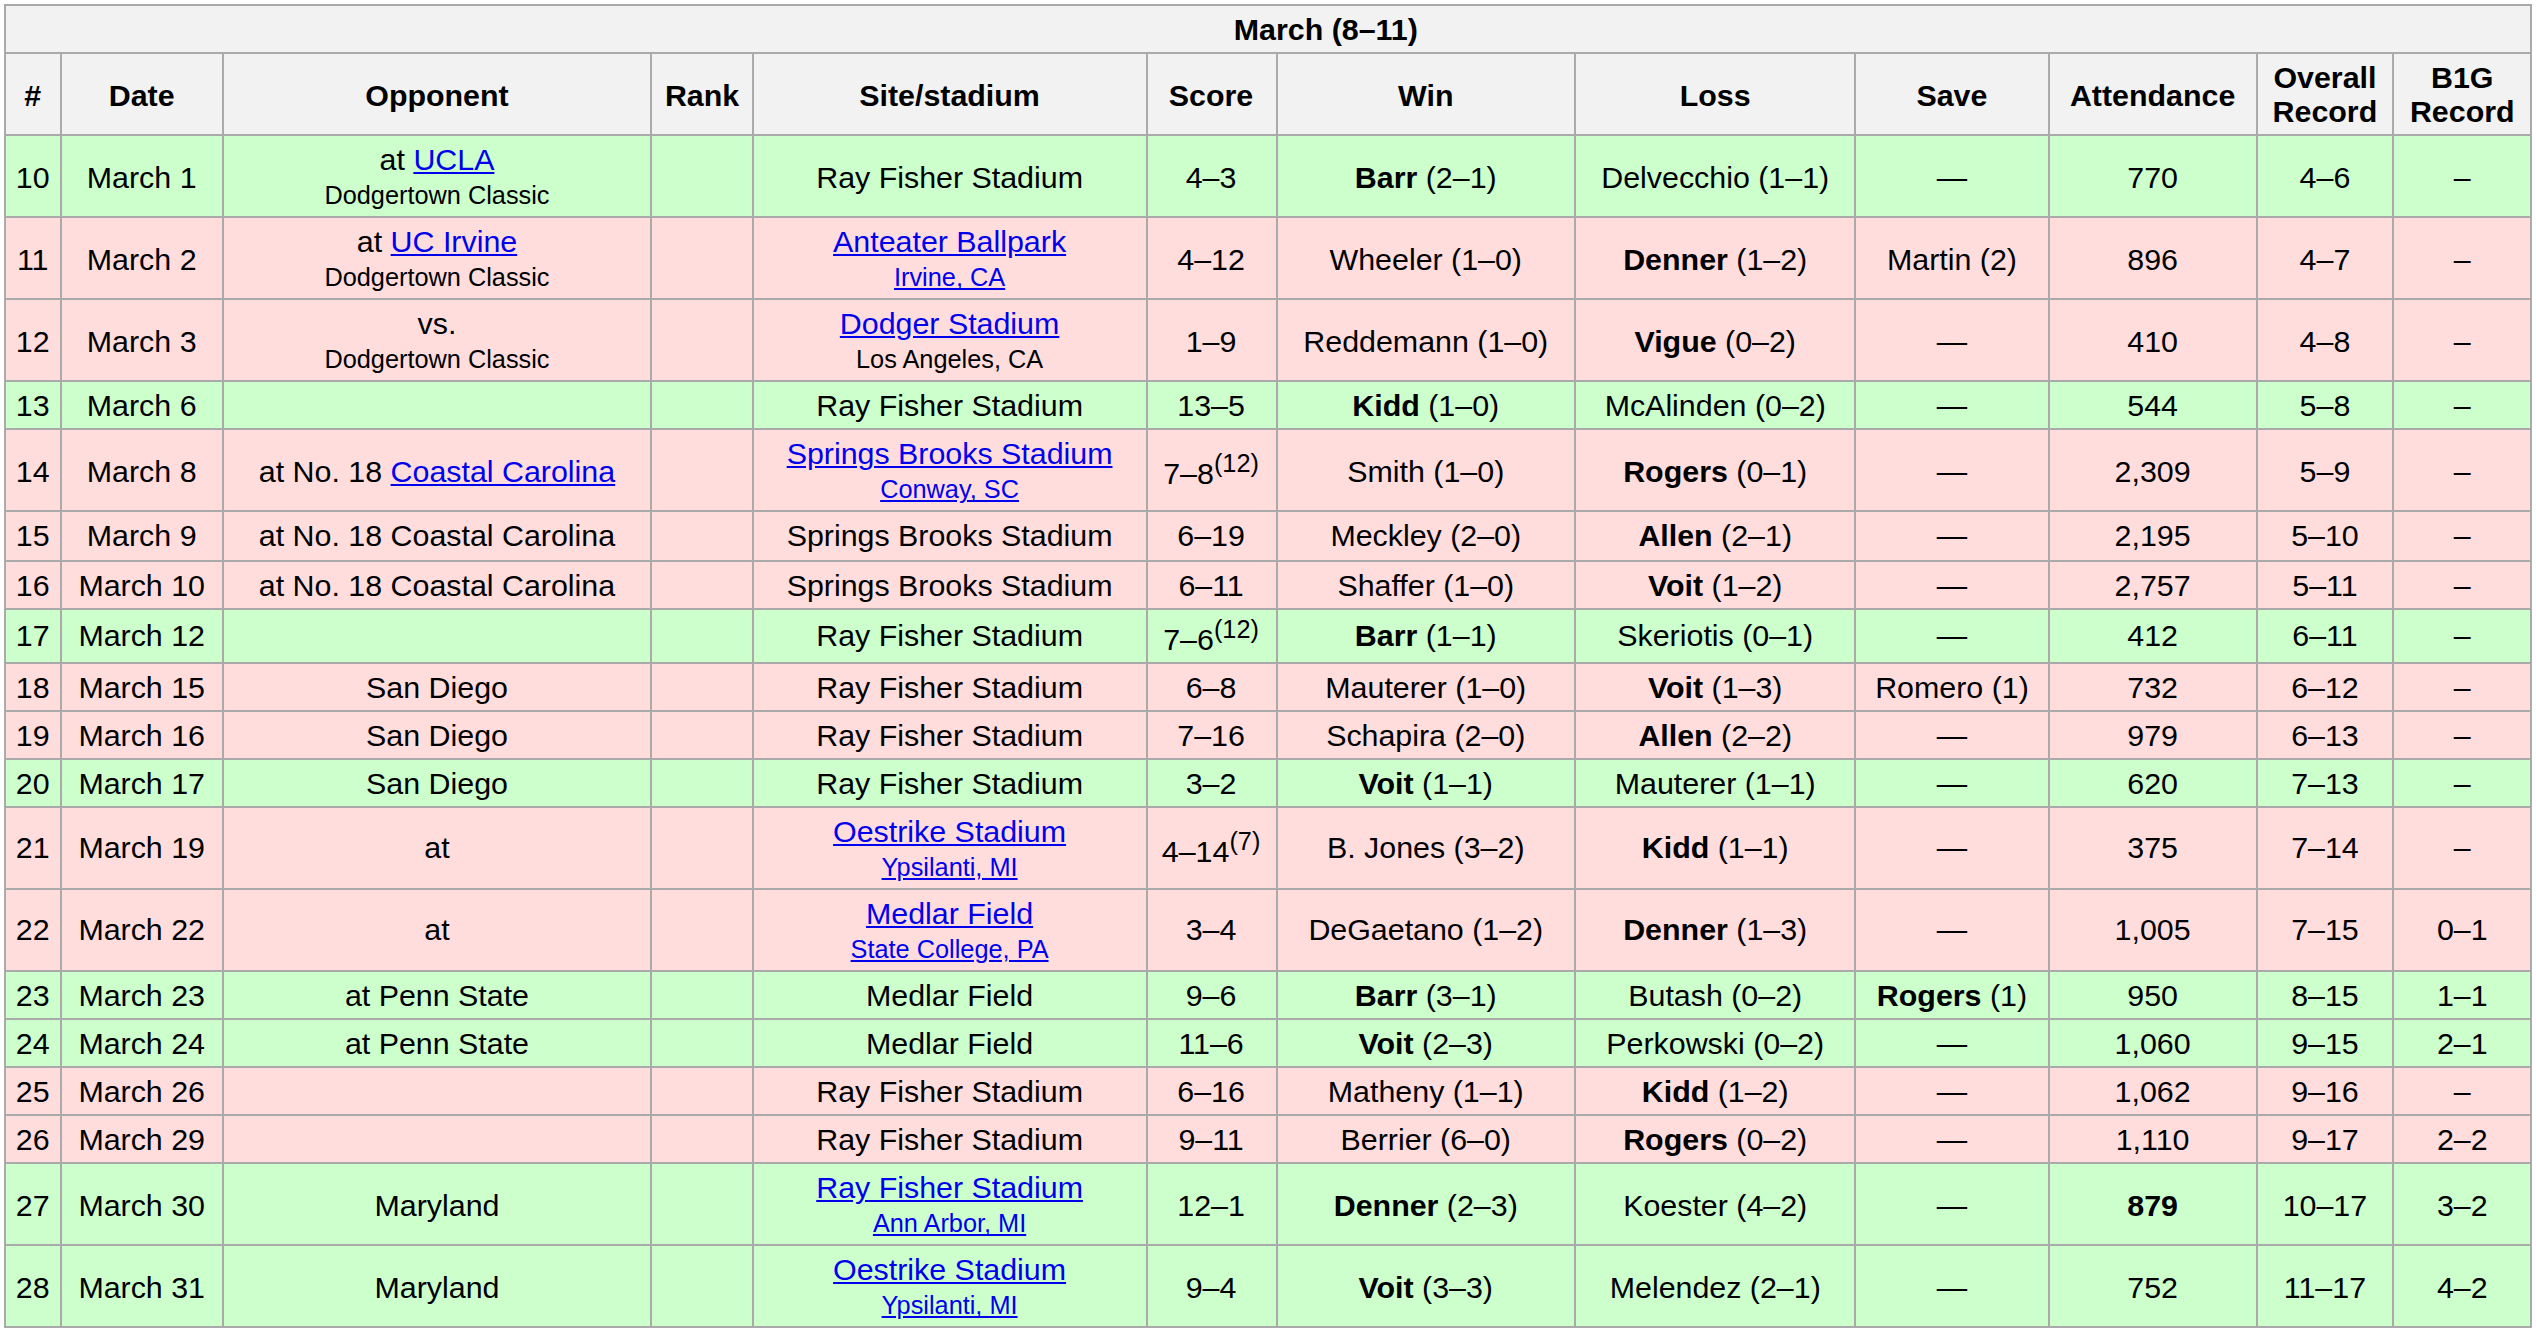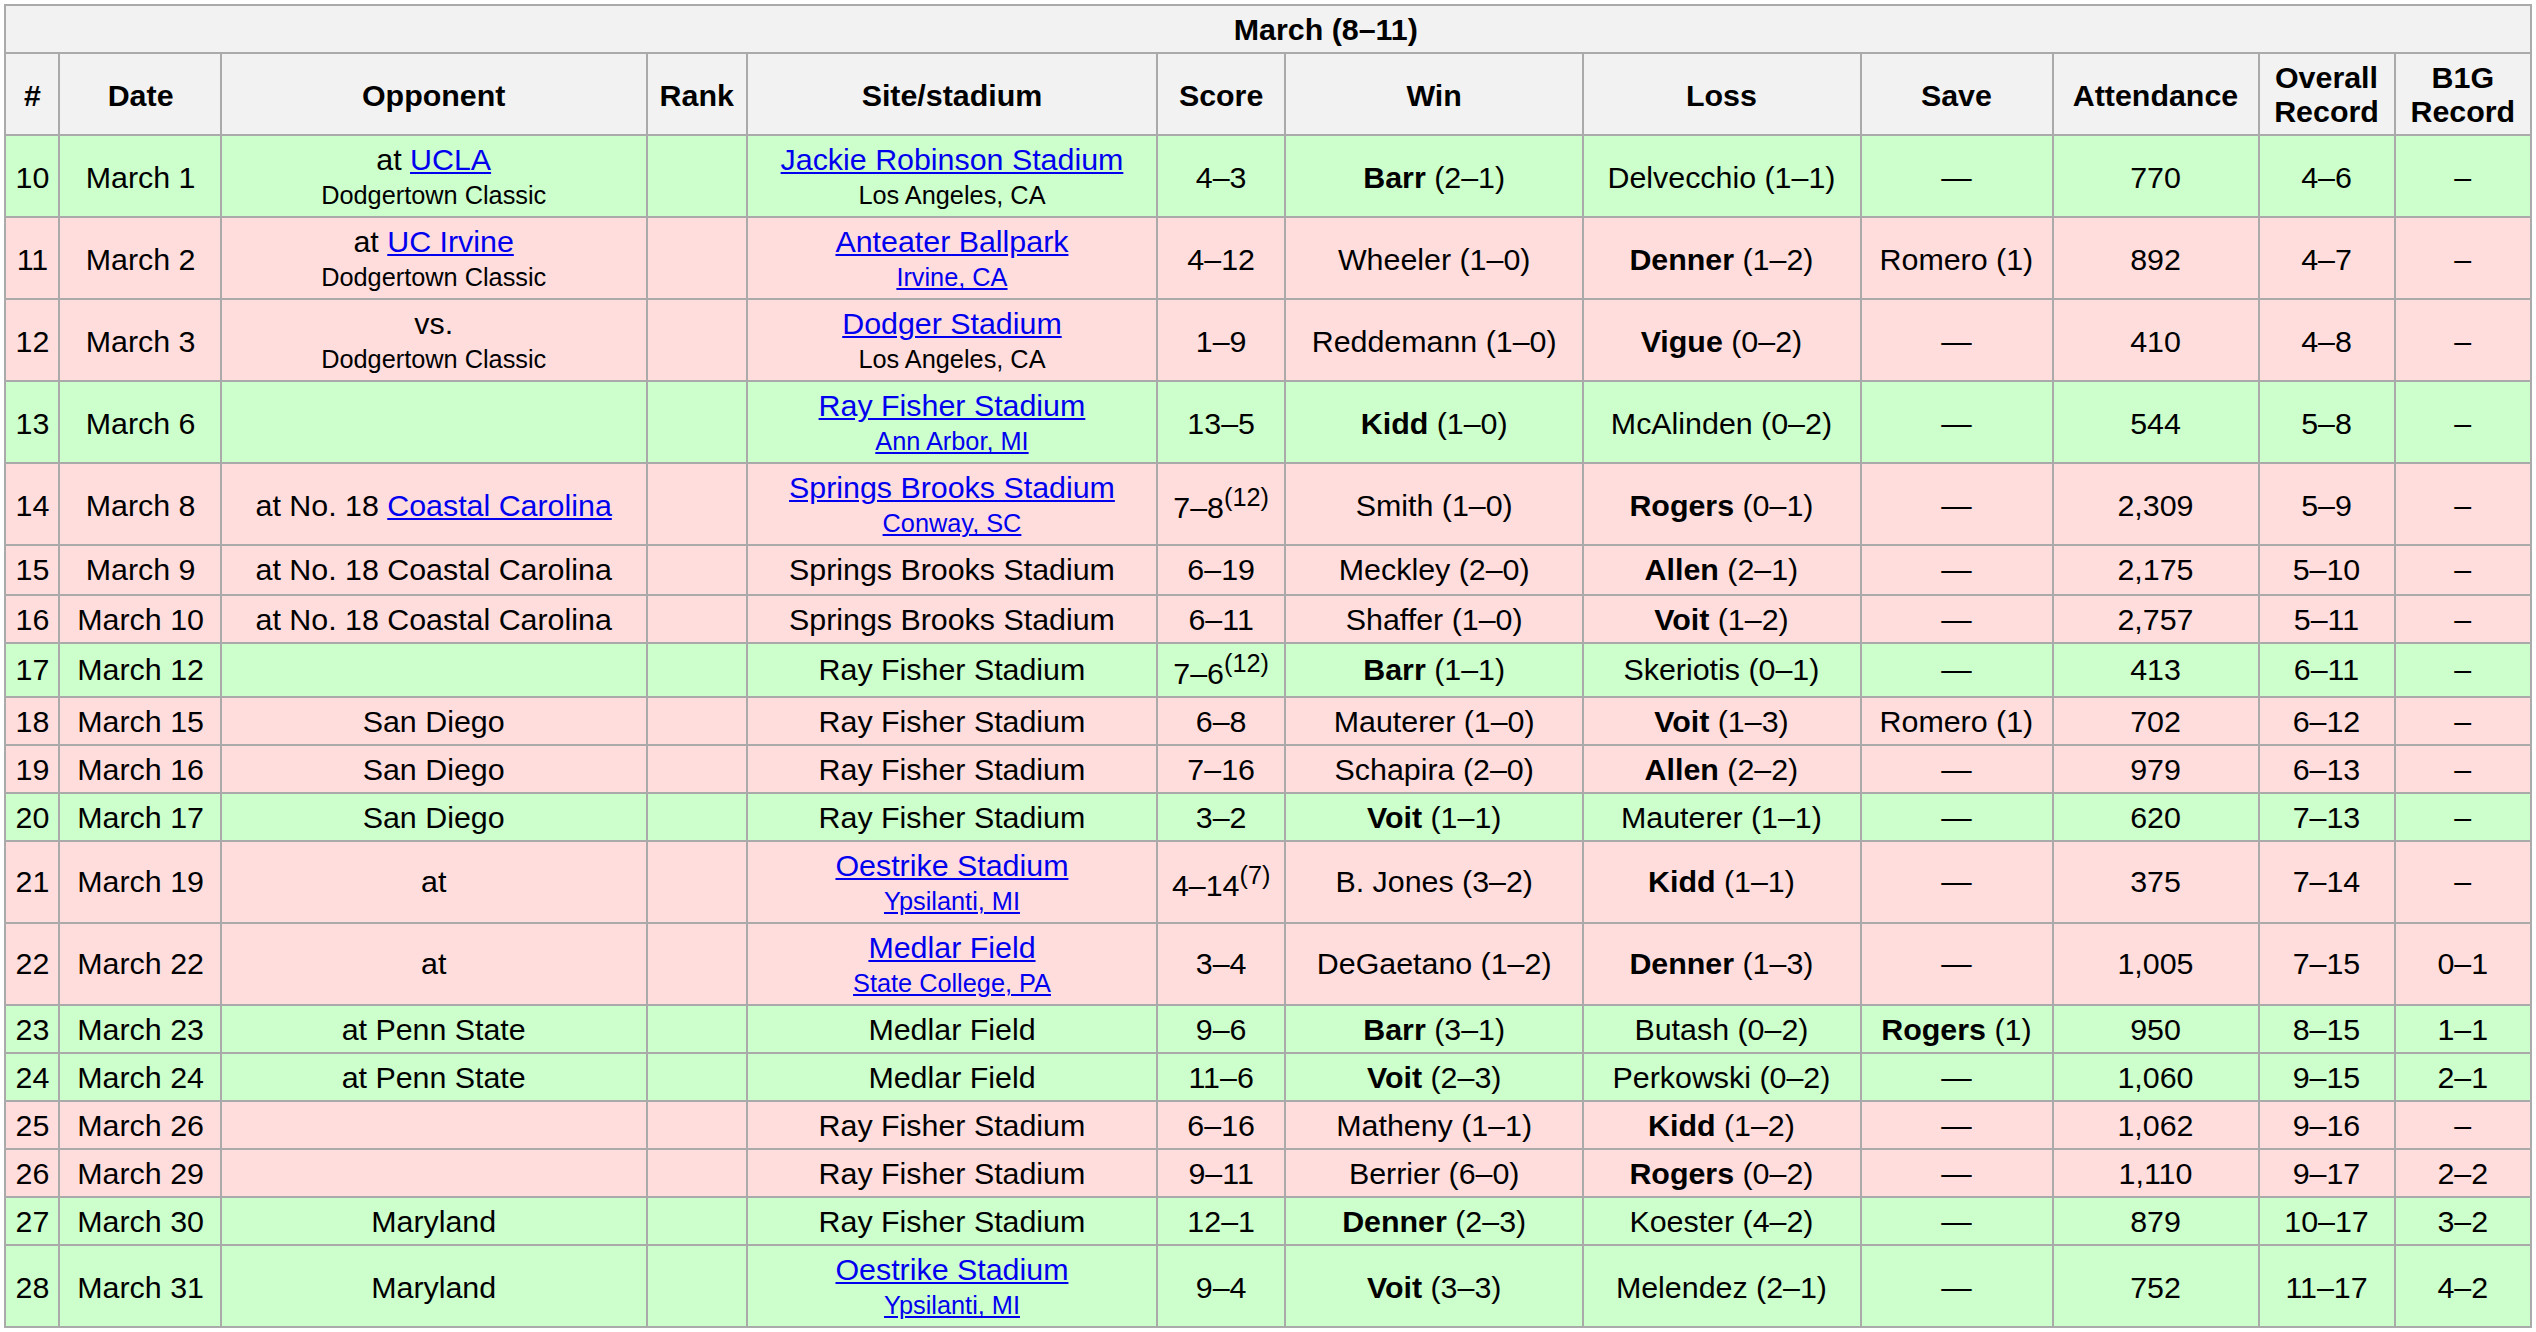 <table class="wikitable collapsible collapsed" style="margin:auto; width:100%; text-align:center; font-size:95%">
 <tr>
 <th colspan=12 style="padding-left:4em;">March (8–11)</th>
 </tr>
 <tr>
 <th>#</th>
 <th>Date</th>
 <th>Opponent</th>
 <th>Rank</th>
 <th>Site/stadium</th>
 <th>Score</th>
 <th>Win</th>
 <th>Loss</th>
 <th>Save</th>
 <th>Attendance</th>
 <th>Overall<br>Record</th>
 <th>B1G<br>Record</th>
 </tr>
 <tr align="center" bgcolor="#ccffcc">
 <td>10</td>
 <td>March 1</td>
 <td>at <a href='#'>UCLA</a><br><small> Dodgertown Classic</small></td>
 <td></td>
-<td>Ray Fisher Stadium</td>
+<td><a href='#'>Jackie Robinson Stadium</a><br><small>Los Angeles, CA</small></td>
 <td>4–3</td>
 <td><strong>Barr</strong> (2–1)</td>
 <td>Delvecchio (1–1)</td>
 <td>—</td>
 <td>770</td>
 <td>4–6</td>
 <td>–</td>
 </tr>
 <tr align="center" bgcolor="#ffdddd">
 <td>11</td>
 <td>March 2</td>
 <td>at <a href='#'>UC Irvine</a><br><small> Dodgertown Classic</small></td>
 <td></td>
 <td><a href='#'>Anteater Ballpark</a><br><small><a href='#'>Irvine, CA</a></small></td>
 <td>4–12</td>
 <td>Wheeler (1–0)</td>
 <td><strong>Denner</strong> (1–2)</td>
-<td>Martin (2)</td>
-<td>896</td>
+<td>Romero (1)</td>
+<td>892</td>
 <td>4–7</td>
 <td>–</td>
 </tr>
 <tr align="center" bgcolor="#ffdddd">
 <td>12</td>
 <td>March 3</td>
 <td>vs. <br><small> Dodgertown Classic</small></td>
 <td></td>
 <td><a href='#'>Dodger Stadium</a><br><small>Los Angeles, CA</small></td>
 <td>1–9</td>
 <td>Reddemann (1–0)</td>
 <td><strong>Vigue</strong> (0–2)</td>
 <td>—</td>
 <td>410</td>
 <td>4–8</td>
 <td>–</td>
 </tr>
 <tr align="center" bgcolor="#ccffcc">
 <td>13</td>
 <td>March 6</td>
 <td></td>
 <td></td>
-<td>Ray Fisher Stadium</td>
+<td><a href='#'>Ray Fisher Stadium</a><br><small><a href='#'>Ann Arbor, MI</a></small></td>
 <td>13–5</td>
 <td><strong>Kidd</strong> (1–0)</td>
 <td>McAlinden (0–2)</td>
 <td>—</td>
 <td>544</td>
 <td>5–8</td>
 <td>–</td>
 </tr>
 <tr align="center" bgcolor="#ffdddd">
 <td>14</td>
 <td>March 8</td>
 <td>at No. 18 <a href='#'>Coastal Carolina</a></td>
 <td></td>
 <td><a href='#'>Springs Brooks Stadium</a><br><small><a href='#'>Conway, SC</a></small></td>
 <td>7–8<sup>(12)</sup></td>
 <td>Smith (1–0)</td>
 <td><strong>Rogers</strong> (0–1)</td>
 <td>—</td>
 <td>2,309</td>
 <td>5–9</td>
 <td>–</td>
 </tr>
 <tr align="center" bgcolor="#ffdddd">
 <td>15</td>
 <td>March 9</td>
 <td>at No. 18 Coastal Carolina</td>
 <td></td>
 <td>Springs Brooks Stadium</td>
 <td>6–19</td>
 <td>Meckley (2–0)</td>
 <td><strong>Allen</strong> (2–1)</td>
 <td>—</td>
-<td>2,195</td>
+<td>2,175</td>
 <td>5–10</td>
 <td>–</td>
 </tr>
 <tr align="center" bgcolor="#ffdddd">
 <td>16</td>
 <td>March 10</td>
 <td>at No. 18 Coastal Carolina</td>
 <td></td>
 <td>Springs Brooks Stadium</td>
 <td>6–11</td>
 <td>Shaffer (1–0)</td>
 <td><strong>Voit</strong> (1–2)</td>
 <td>—</td>
 <td>2,757</td>
 <td>5–11</td>
 <td>–</td>
 </tr>
 <tr align="center" bgcolor="#ccffcc">
 <td>17</td>
 <td>March 12</td>
 <td></td>
 <td></td>
 <td>Ray Fisher Stadium</td>
 <td>7–6<sup>(12)</sup></td>
 <td><strong>Barr</strong> (1–1)</td>
 <td>Skeriotis (0–1)</td>
 <td>—</td>
-<td>412</td>
+<td>413</td>
 <td>6–11</td>
 <td>–</td>
 </tr>
 <tr align="center" bgcolor="#ffdddd">
 <td>18</td>
 <td>March 15</td>
 <td>San Diego</td>
 <td></td>
 <td>Ray Fisher Stadium</td>
 <td>6–8</td>
 <td>Mauterer (1–0)</td>
 <td><strong>Voit</strong> (1–3)</td>
 <td>Romero (1)</td>
-<td>732</td>
+<td>702</td>
 <td>6–12</td>
 <td>–</td>
 </tr>
 <tr align="center" bgcolor="#ffdddd">
 <td>19</td>
 <td>March 16</td>
 <td>San Diego</td>
 <td></td>
 <td>Ray Fisher Stadium</td>
 <td>7–16</td>
 <td>Schapira (2–0)</td>
 <td><strong>Allen</strong> (2–2)</td>
 <td>—</td>
 <td>979</td>
 <td>6–13</td>
 <td>–</td>
 </tr>
 <tr align="center" bgcolor="#ccffcc">
 <td>20</td>
 <td>March 17</td>
 <td>San Diego</td>
 <td></td>
 <td>Ray Fisher Stadium</td>
 <td>3–2</td>
 <td><strong>Voit</strong> (1–1)</td>
 <td>Mauterer (1–1)</td>
 <td>—</td>
 <td>620</td>
 <td>7–13</td>
 <td>–</td>
 </tr>
 <tr align="center" bgcolor="#ffdddd">
 <td>21</td>
 <td>March 19</td>
 <td>at </td>
 <td></td>
 <td><a href='#'>Oestrike Stadium</a><br><small><a href='#'>Ypsilanti, MI</a></small></td>
 <td>4–14<sup>(7)</sup></td>
 <td>B. Jones (3–2)</td>
 <td><strong>Kidd</strong> (1–1)</td>
 <td>—</td>
 <td>375</td>
 <td>7–14</td>
 <td>–</td>
 </tr>
 <tr align="center" bgcolor="#ffdddd">
 <td>22</td>
 <td>March 22</td>
 <td>at </td>
 <td></td>
 <td><a href='#'>Medlar Field</a><br><small><a href='#'>State College, PA</a></small></td>
 <td>3–4</td>
 <td>DeGaetano (1–2)</td>
 <td><strong>Denner</strong> (1–3)</td>
 <td>—</td>
 <td>1,005</td>
 <td>7–15</td>
 <td>0–1</td>
 </tr>
 <tr align="center" bgcolor="#ccffcc">
 <td>23</td>
 <td>March 23</td>
 <td>at Penn State</td>
 <td></td>
 <td>Medlar Field</td>
 <td>9–6</td>
 <td><strong>Barr</strong> (3–1)</td>
 <td>Butash (0–2)</td>
 <td><strong>Rogers</strong> (1)</td>
 <td>950</td>
 <td>8–15</td>
 <td>1–1</td>
 </tr>
 <tr align="center" bgcolor="#ccffcc">
 <td>24</td>
 <td>March 24</td>
 <td>at Penn State</td>
 <td></td>
 <td>Medlar Field</td>
 <td>11–6</td>
 <td><strong>Voit</strong> (2–3)</td>
 <td>Perkowski (0–2)</td>
 <td>—</td>
 <td>1,060</td>
 <td>9–15</td>
 <td>2–1</td>
 </tr>
 <tr align="center" bgcolor="#ffdddd">
 <td>25</td>
 <td>March 26</td>
 <td></td>
 <td></td>
 <td>Ray Fisher Stadium</td>
 <td>6–16</td>
 <td>Matheny (1–1)</td>
 <td><strong>Kidd</strong> (1–2)</td>
 <td>—</td>
 <td>1,062</td>
 <td>9–16</td>
 <td>–</td>
 </tr>
 <tr align="center" bgcolor="#ffdddd">
 <td>26</td>
 <td>March 29</td>
 <td></td>
 <td></td>
 <td>Ray Fisher Stadium</td>
 <td>9–11</td>
 <td>Berrier (6–0)</td>
 <td><strong>Rogers</strong> (0–2)</td>
 <td>—</td>
 <td>1,110</td>
 <td>9–17</td>
 <td>2–2</td>
 </tr>
 <tr align="center" bgcolor="#ccffcc">
 <td>27</td>
 <td>March 30</td>
 <td>Maryland</td>
 <td></td>
-<td><a href='#'>Ray Fisher Stadium</a><br><small><a href='#'>Ann Arbor, MI</a></small></td>
+<td>Ray Fisher Stadium</td>
 <td>12–1</td>
 <td><strong>Denner</strong> (2–3)</td>
 <td>Koester (4–2)</td>
 <td>—</td>
-<td><strong>879</strong></td>
+<td>879</td>
 <td>10–17</td>
 <td>3–2</td>
 </tr>
 <tr align="center" bgcolor="#ccffcc">
 <td>28</td>
 <td>March 31</td>
 <td>Maryland</td>
 <td></td>
 <td><a href='#'>Oestrike Stadium</a><br><small><a href='#'>Ypsilanti, MI</a></small></td>
 <td>9–4</td>
 <td><strong>Voit</strong> (3–3)</td>
 <td>Melendez (2–1)</td>
 <td>—</td>
 <td>752</td>
 <td>11–17</td>
 <td>4–2</td>
 </tr>
 </table>
